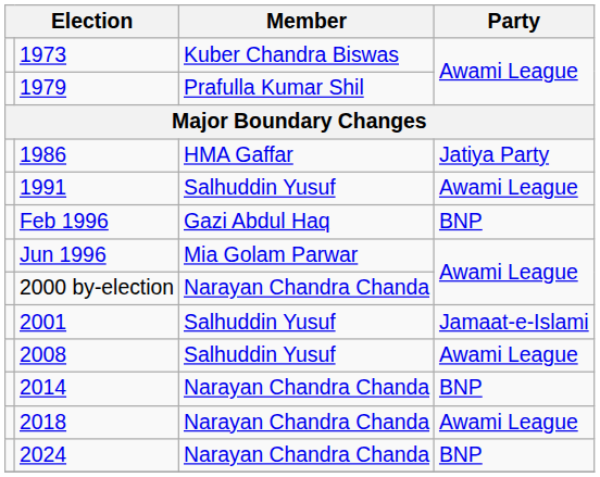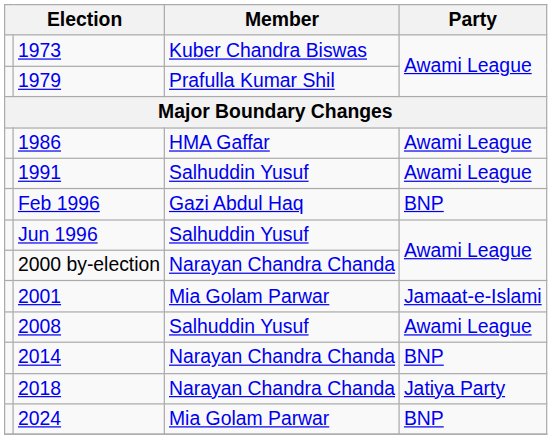 <table class="wikitable">
 <tr>
 <th colspan="2">Election</th>
 <th>Member</th>
 <th>Party</th>
 </tr>
 <tr>
 <td style="background-color:"></td>
 <td><a href='#'>1973</a></td>
 <td><a href='#'>Kuber Chandra Biswas</a></td>
 <td rowspan="2"><a href='#'>Awami League</a></td>
 </tr>
 <tr>
 <td style="background-color:"></td>
 <td><a href='#'>1979</a></td>
 <td><a href='#'>Prafulla Kumar Shil</a></td>
 </tr>
 <tr>
 <th colspan="4">Major Boundary Changes</th>
 </tr>
 <tr>
 <td style="background-color:"></td>
 <td><a href='#'>1986</a></td>
 <td><a href='#'>HMA Gaffar</a></td>
-<td><a href='#'>Jatiya Party</a></td>
+<td><a href='#'>Awami League</a></td>
 </tr>
 <tr>
 <td style="background-color:"></td>
 <td><a href='#'>1991</a></td>
 <td><a href='#'>Salhuddin Yusuf</a></td>
 <td><a href='#'>Awami League</a></td>
 </tr>
 <tr>
 <td style="background-color:"></td>
 <td><a href='#'>Feb 1996</a></td>
 <td><a href='#'>Gazi Abdul Haq</a></td>
 <td><a href='#'>BNP</a></td>
 </tr>
 <tr>
 <td style="background-color:"></td>
 <td><a href='#'>Jun 1996</a></td>
-<td><a href='#'>Mia Golam Parwar</a></td>
+<td><a href='#'>Salhuddin Yusuf</a></td>
 <td rowspan="2"><a href='#'>Awami League</a></td>
 </tr>
 <tr>
 <td style="background-color:"></td>
 <td>2000 by-election</td>
 <td><a href='#'>Narayan Chandra Chanda</a></td>
 </tr>
 <tr>
 <td style="background-color:"></td>
 <td><a href='#'>2001</a></td>
-<td><a href='#'>Salhuddin Yusuf</a></td>
+<td><a href='#'>Mia Golam Parwar</a></td>
 <td><a href='#'>Jamaat-e-Islami</a></td>
 </tr>
 <tr>
 <td style="background-color:"></td>
 <td><a href='#'>2008</a></td>
 <td><a href='#'>Salhuddin Yusuf</a></td>
 <td><a href='#'>Awami League</a></td>
 </tr>
 <tr>
 <td style="background-color:"></td>
 <td><a href='#'>2014</a></td>
 <td><a href='#'>Narayan Chandra Chanda</a></td>
 <td><a href='#'>BNP</a></td>
 </tr>
 <tr>
 <td style="background-color:"></td>
 <td><a href='#'>2018</a></td>
 <td><a href='#'>Narayan Chandra Chanda</a></td>
-<td><a href='#'>Awami League</a></td>
+<td><a href='#'>Jatiya Party</a></td>
 </tr>
 <tr>
 <td style="background-color:"></td>
 <td><a href='#'>2024</a></td>
-<td><a href='#'>Narayan Chandra Chanda</a></td>
+<td><a href='#'>Mia Golam Parwar</a></td>
 <td><a href='#'>BNP</a></td>
 </tr>
 <tr>
 </tr>
 </table>
